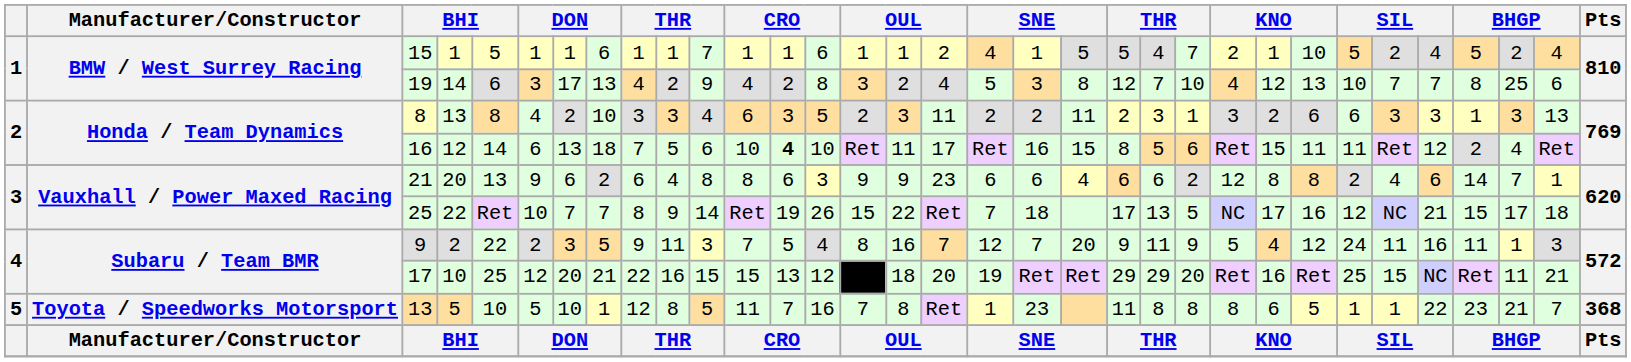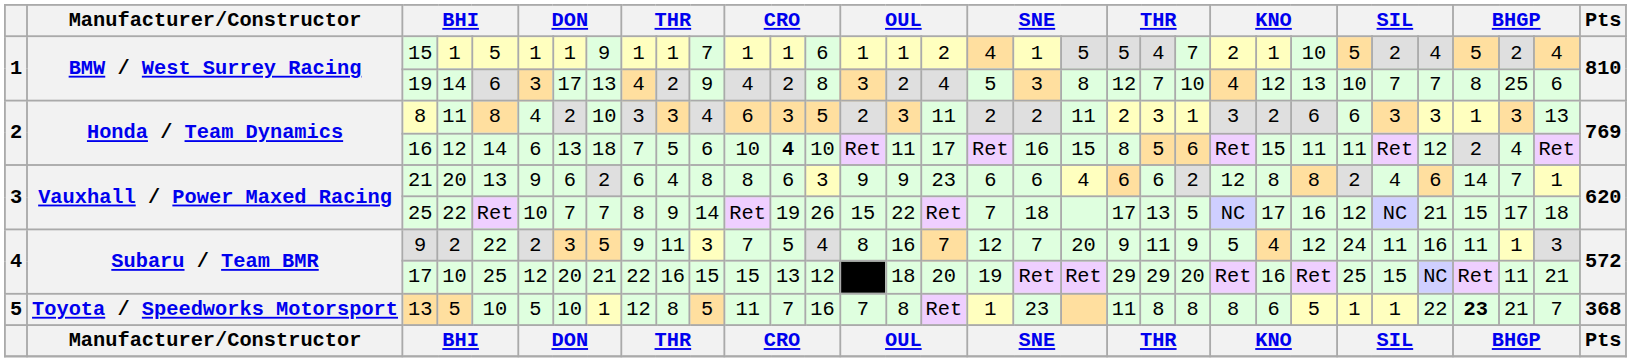 <table class="wikitable" style="font-size: 85%; text-align: center;">
 <tr valign="top">
 <th valign="middle"></th>
 <th valign="middle">Manufacturer/Constructor</th>
 <th colspan="3"><a href='#'>BHI</a></th>
 <th colspan="3"><a href='#'>DON</a></th>
 <th colspan="3"><a href='#'>THR</a></th>
 <th colspan="3"><a href='#'>CRO</a></th>
 <th colspan="3"><a href='#'>OUL</a></th>
 <th colspan="3"><a href='#'>SNE</a></th>
 <th colspan="3"><a href='#'>THR</a></th>
 <th colspan="3"><a href='#'>KNO</a></th>
 <th colspan="3"><a href='#'>SIL</a></th>
 <th colspan="3"><a href='#'>BHGP</a></th>
 <th valign=middle>Pts</th>
 </tr>
 <tr>
 <th rowspan=2>1</th>
 <th rowspan=2 align=left><a href='#'>BMW</a> / <a href='#'>West Surrey Racing</a></th>
 <td style="background:#dfffdf;">15</td>
 <td style="background:#ffffbf;">1</td>
 <td style="background:#ffffbf;">5</td>
 <td style="background:#ffffbf;">1</td>
 <td style="background:#ffffbf;">1</td>
-<td style="background:#dfffdf;">6</td>
+<td style="background:#dfffdf;">9</td>
 <td style="background:#ffffbf;">1</td>
 <td style="background:#ffffbf;">1</td>
 <td style="background:#dfffdf;">7</td>
 <td style="background:#ffffbf;">1</td>
 <td style="background:#ffffbf;">1</td>
 <td style="background:#dfffdf;">6</td>
 <td style="background:#ffffbf;">1</td>
 <td style="background:#ffffbf;">1</td>
 <td style="background:#ffffbf;">2</td>
 <td style="background:#ffdf9f;">4</td>
 <td style="background:#ffffbf;">1</td>
 <td style="background:#dfdfdf;">5</td>
 <td style="background:#dfdfdf;">5</td>
 <td style="background:#dfdfdf;">4</td>
 <td style="background:#dfffdf;">7</td>
 <td style="background:#ffffbf;">2</td>
 <td style="background:#ffffbf;">1</td>
 <td style="background:#dfffdf;">10</td>
 <td style="background:#ffdf9f;">5</td>
 <td style="background:#dfdfdf;">2</td>
 <td style="background:#dfdfdf;">4</td>
 <td style="background:#ffdf9f;">5</td>
 <td style="background:#dfdfdf;">2</td>
 <td style="background:#ffdf9f;">4</td>
 <th rowspan=2>810</th>
 </tr>
 <tr>
 <td style="background:#dfffdf;">19</td>
 <td style="background:#dfffdf;">14</td>
 <td style="background:#dfdfdf;">6</td>
 <td style="background:#ffdf9f;">3</td>
 <td style="background:#dfffdf;">17</td>
 <td style="background:#dfffdf;">13</td>
 <td style="background:#ffdf9f;">4</td>
 <td style="background:#dfdfdf;">2</td>
 <td style="background:#dfffdf;">9</td>
 <td style="background:#dfdfdf;">4</td>
 <td style="background:#dfdfdf;">2</td>
 <td style="background:#dfffdf;">8</td>
 <td style="background:#ffdf9f;">3</td>
 <td style="background:#dfdfdf;">2</td>
 <td style="background:#dfdfdf;">4</td>
 <td style="background:#dfffdf;">5</td>
 <td style="background:#ffdf9f;">3</td>
 <td style="background:#dfffdf;">8</td>
 <td style="background:#dfffdf;">12</td>
 <td style="background:#dfffdf;">7</td>
 <td style="background:#dfffdf;">10</td>
 <td style="background:#ffdf9f;">4</td>
 <td style="background:#dfffdf;">12</td>
 <td style="background:#dfffdf;">13</td>
 <td style="background:#dfffdf;">10</td>
 <td style="background:#dfffdf;">7</td>
 <td style="background:#dfffdf;">7</td>
 <td style="background:#dfffdf;">8</td>
 <td style="background:#dfffdf;">25</td>
 <td style="background:#dfffdf;">6</td>
 </tr>
 <tr>
 <th rowspan=2>2</th>
 <th rowspan=2><a href='#'>Honda</a> / <a href='#'>Team Dynamics</a></th>
 <td style="background:#ffffbf;">8</td>
-<td style="background:#dfffdf;">13</td>
+<td style="background:#dfffdf;">11</td>
 <td style="background:#ffdf9f;">8</td>
 <td style="background:#dfffdf;">4</td>
 <td style="background:#dfdfdf;">2</td>
 <td style="background:#dfffdf;">10</td>
 <td style="background:#dfdfdf;">3</td>
 <td style="background:#ffdf9f;">3</td>
 <td style="background:#dfdfdf;">4</td>
 <td style="background:#ffdf9f;">6</td>
 <td style="background:#ffdf9f;">3</td>
 <td style="background:#ffdf9f;">5</td>
 <td style="background:#dfdfdf;">2</td>
 <td style="background:#ffdf9f;">3</td>
 <td style="background:#dfffdf;">11</td>
 <td style="background:#dfdfdf;">2</td>
 <td style="background:#dfdfdf;">2</td>
 <td style="background:#dfffdf;">11</td>
 <td style="background:#ffffbf;">2</td>
 <td style="background:#ffffbf;">3</td>
 <td style="background:#ffffbf;">1</td>
 <td style="background:#dfdfdf;">3</td>
 <td style="background:#dfdfdf;">2</td>
 <td style="background:#dfdfdf;">6</td>
 <td style="background:#dfffdf;">6</td>
 <td style="background:#ffdf9f;">3</td>
 <td style="background:#ffffbf;">3</td>
 <td style="background:#ffffbf;">1</td>
 <td style="background:#ffdf9f;">3</td>
 <td style="background:#dfffdf;">13</td>
 <th rowspan=2>769</th>
 </tr>
 <tr>
 <td style="background:#dfffdf;">16</td>
 <td style="background:#dfffdf;">12</td>
 <td style="background:#dfffdf;">14</td>
 <td style="background:#dfffdf;">6</td>
 <td style="background:#dfffdf;">13</td>
 <td style="background:#dfffdf;">18</td>
 <td style="background:#dfffdf;">7</td>
 <td style="background:#dfffdf;">5</td>
 <td style="background:#dfffdf;">6</td>
 <td style="background:#dfffdf;">10</td>
 <td style="background:#dfffdf;"><strong>4</strong></td>
 <td style="background:#dfffdf;">10</td>
 <td style="background:#efcfff;">Ret</td>
 <td style="background:#dfffdf;">11</td>
 <td style="background:#dfffdf;">17</td>
 <td style="background:#efcfff;">Ret</td>
 <td style="background:#dfffdf;">16</td>
 <td style="background:#dfffdf;">15</td>
 <td style="background:#dfffdf;">8</td>
 <td style="background:#ffdf9f;">5</td>
 <td style="background:#ffdf9f;">6</td>
 <td style="background:#efcfff;">Ret</td>
 <td style="background:#dfffdf;">15</td>
 <td style="background:#dfffdf;">11</td>
 <td style="background:#dfffdf;">11</td>
 <td style="background:#efcfff;">Ret</td>
 <td style="background:#dfffdf;">12</td>
 <td style="background:#dfdfdf;">2</td>
 <td style="background:#dfffdf;">4</td>
 <td style="background:#efcfff;">Ret</td>
 </tr>
 <tr>
 <th rowspan=2>3</th>
 <th rowspan=2 nowrap><a href='#'>Vauxhall</a> / <a href='#'>Power Maxed Racing</a></th>
 <td style="background:#dfffdf;">21</td>
 <td style="background:#dfffdf;">20</td>
 <td style="background:#dfffdf;">13</td>
 <td style="background:#dfffdf;">9</td>
 <td style="background:#dfffdf;">6</td>
 <td style="background:#dfdfdf;">2</td>
 <td style="background:#dfffdf;">6</td>
 <td style="background:#dfffdf;">4</td>
 <td style="background:#dfffdf;">8</td>
 <td style="background:#dfffdf;">8</td>
 <td style="background:#dfffdf;">6</td>
 <td style="background:#ffffbf;">3</td>
 <td style="background:#dfffdf;">9</td>
 <td style="background:#dfffdf;">9</td>
 <td style="background:#dfffdf;">23</td>
 <td style="background:#dfffdf;">6</td>
 <td style="background:#dfffdf;">6</td>
 <td style="background:#ffffbf;">4</td>
 <td style="background:#ffdf9f;">6</td>
 <td style="background:#dfffdf;">6</td>
 <td style="background:#dfdfdf;">2</td>
 <td style="background:#dfffdf;">12</td>
 <td style="background:#dfffdf;">8</td>
 <td style="background:#ffdf9f;">8</td>
 <td style="background:#dfdfdf;">2</td>
 <td style="background:#dfffdf;">4</td>
 <td style="background:#ffdf9f;">6</td>
 <td style="background:#dfffdf;">14</td>
 <td style="background:#dfffdf;">7</td>
 <td style="background:#ffffbf;">1</td>
 <th rowspan=2>620</th>
 </tr>
 <tr>
 <td style="background:#dfffdf;">25</td>
 <td style="background:#dfffdf;">22</td>
 <td style="background:#efcfff;">Ret</td>
 <td style="background:#dfffdf;">10</td>
 <td style="background:#dfffdf;">7</td>
 <td style="background:#dfffdf;">7</td>
 <td style="background:#dfffdf;">8</td>
 <td style="background:#dfffdf;">9</td>
 <td style="background:#dfffdf;">14</td>
 <td style="background:#efcfff;">Ret</td>
 <td style="background:#dfffdf;">19</td>
 <td style="background:#dfffdf;">26</td>
 <td style="background:#dfffdf;">15</td>
 <td style="background:#dfffdf;">22</td>
 <td style="background:#efcfff;">Ret</td>
 <td style="background:#dfffdf;">7</td>
 <td style="background:#dfffdf;">18</td>
 <td style="background:#dfffdf;"></td>
 <td style="background:#dfffdf;">17</td>
 <td style="background:#dfffdf;">13</td>
 <td style="background:#dfffdf;">5</td>
 <td style="background:#cfcfff;">NC</td>
 <td style="background:#dfffdf;">17</td>
 <td style="background:#dfffdf;">16</td>
 <td style="background:#dfffdf;">12</td>
 <td style="background:#cfcfff;">NC</td>
 <td style="background:#dfffdf;">21</td>
 <td style="background:#dfffdf;">15</td>
 <td style="background:#dfffdf;">17</td>
 <td style="background:#dfffdf;">18</td>
 </tr>
 <tr>
 <th rowspan=2>4</th>
 <th rowspan=2><a href='#'>Subaru</a> / <a href='#'>Team BMR</a></th>
 <td style="background:#dfdfdf;">9</td>
 <td style="background:#dfdfdf;">2</td>
 <td style="background:#dfffdf;">22</td>
 <td style="background:#dfdfdf;">2</td>
 <td style="background:#ffdf9f;">3</td>
 <td style="background:#ffdf9f;">5</td>
 <td style="background:#dfffdf;">9</td>
 <td style="background:#dfffdf;">11</td>
 <td style="background:#ffffbf;">3</td>
 <td style="background:#dfffdf;">7</td>
 <td style="background:#dfffdf;">5</td>
 <td style="background:#dfdfdf;">4</td>
 <td style="background:#dfffdf;">8</td>
 <td style="background:#dfffdf;">16</td>
 <td style="background:#ffdf9f;">7</td>
 <td style="background:#dfffdf;">12</td>
 <td style="background:#dfffdf;">7</td>
 <td style="background:#dfffdf;">20</td>
 <td style="background:#dfffdf;">9</td>
 <td style="background:#dfffdf;">11</td>
 <td style="background:#dfffdf;">9</td>
 <td style="background:#dfffdf;">5</td>
 <td style="background:#ffdf9f;">4</td>
 <td style="background:#dfffdf;">12</td>
 <td style="background:#dfffdf;">24</td>
 <td style="background:#dfffdf;">11</td>
 <td style="background:#dfffdf;">16</td>
 <td style="background:#dfffdf;">11</td>
 <td style="background:#ffffbf;">1</td>
 <td style="background:#dfdfdf;">3</td>
 <th rowspan=2>572</th>
 </tr>
 <tr>
 <td style="background:#dfffdf;">17</td>
 <td style="background:#dfffdf;">10</td>
 <td style="background:#dfffdf;">25</td>
 <td style="background:#dfffdf;">12</td>
 <td style="background:#dfffdf;">20</td>
 <td style="background:#dfffdf;">21</td>
 <td style="background:#dfffdf;">22</td>
 <td style="background:#dfffdf;">16</td>
 <td style="background:#dfffdf;">15</td>
 <td style="background:#dfffdf;">15</td>
 <td style="background:#dfffdf;">13</td>
 <td style="background:#dfffdf;">12</td>
 <td style="background-color:#000000; color:white"></td>
 <td style="background:#dfffdf;">18</td>
 <td style="background:#dfffdf;">20</td>
 <td style="background:#dfffdf;">19</td>
 <td style="background:#efcfff;">Ret</td>
 <td style="background:#efcfff;">Ret</td>
 <td style="background:#dfffdf;">29</td>
 <td style="background:#dfffdf;">29</td>
 <td style="background:#dfffdf;">20</td>
 <td style="background:#efcfff;">Ret</td>
 <td style="background:#dfffdf;">16</td>
 <td style="background:#efcfff;">Ret</td>
 <td style="background:#dfffdf;">25</td>
 <td style="background:#dfffdf;">15</td>
 <td style="background:#cfcfff;">NC</td>
 <td style="background:#efcfff;">Ret</td>
 <td style="background:#dfffdf;">11</td>
 <td style="background:#dfffdf;">21</td>
 </tr>
 <tr>
 <th>5</th>
 <th nowrap><a href='#'>Toyota</a> / <a href='#'>Speedworks Motorsport</a></th>
 <td style="background:#ffdf9f;">13</td>
 <td style="background:#ffdf9f;">5</td>
 <td style="background:#dfffdf;">10</td>
 <td style="background:#dfffdf;">5</td>
 <td style="background:#dfffdf;">10</td>
 <td style="background:#ffffbf;">1</td>
 <td style="background:#dfffdf;">12</td>
 <td style="background:#dfffdf;">8</td>
 <td style="background:#ffdf9f;">5</td>
 <td style="background:#dfffdf;">11</td>
 <td style="background:#dfffdf;">7</td>
 <td style="background:#dfffdf;">16</td>
 <td style="background:#dfffdf;">7</td>
 <td style="background:#dfffdf;">8</td>
 <td style="background:#efcfff;">Ret</td>
 <td style="background:#ffffbf;">1</td>
 <td style="background:#dfffdf;">23</td>
 <td style="background:#ffdf9f;"></td>
 <td style="background:#dfffdf;">11</td>
 <td style="background:#dfffdf;">8</td>
 <td style="background:#dfffdf;">8</td>
 <td style="background:#dfffdf;">8</td>
 <td style="background:#dfffdf;">6</td>
 <td style="background:#ffffbf;">5</td>
 <td style="background:#ffffbf;">1</td>
 <td style="background:#ffffbf;">1</td>
 <td style="background:#dfffdf;">22</td>
-<td style="background:#dfffdf;">23</td>
+<td style="background:#dfffdf;"><strong>23</strong></td>
 <td style="background:#dfffdf;">21</td>
 <td style="background:#dfffdf;">7</td>
 <th>368</th>
 </tr>
 <tr>
 <th valign="middle"></th>
 <th valign="middle">Manufacturer/Constructor</th>
 <th colspan="3"><a href='#'>BHI</a></th>
 <th colspan="3"><a href='#'>DON</a></th>
 <th colspan="3"><a href='#'>THR</a></th>
 <th colspan="3"><a href='#'>CRO</a></th>
 <th colspan="3"><a href='#'>OUL</a></th>
 <th colspan="3"><a href='#'>SNE</a></th>
 <th colspan="3"><a href='#'>THR</a></th>
 <th colspan="3"><a href='#'>KNO</a></th>
 <th colspan="3"><a href='#'>SIL</a></th>
 <th colspan="3"><a href='#'>BHGP</a></th>
 <th valign=middle>Pts</th>
 </tr>
 <tr>
 </tr>
 </table>
